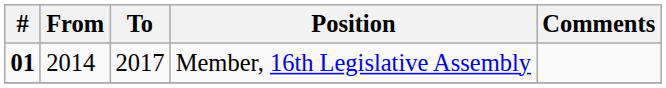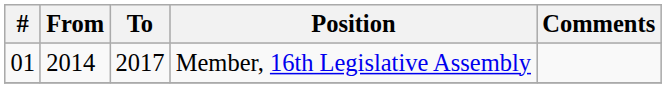 <table class="wikitable sortable">
 <tr>
 <th>#</th>
 <th>From</th>
 <th>To</th>
 <th>Position</th>
 <th>Comments</th>
 </tr>
 <tr>
-<td><strong>01</strong></td>
+<td>01</td>
 <td>2014</td>
 <td>2017</td>
 <td>Member, <a href='#'>16th Legislative Assembly</a></td>
 <td></td>
 </tr>
 <tr>
 </tr>
 </table>
